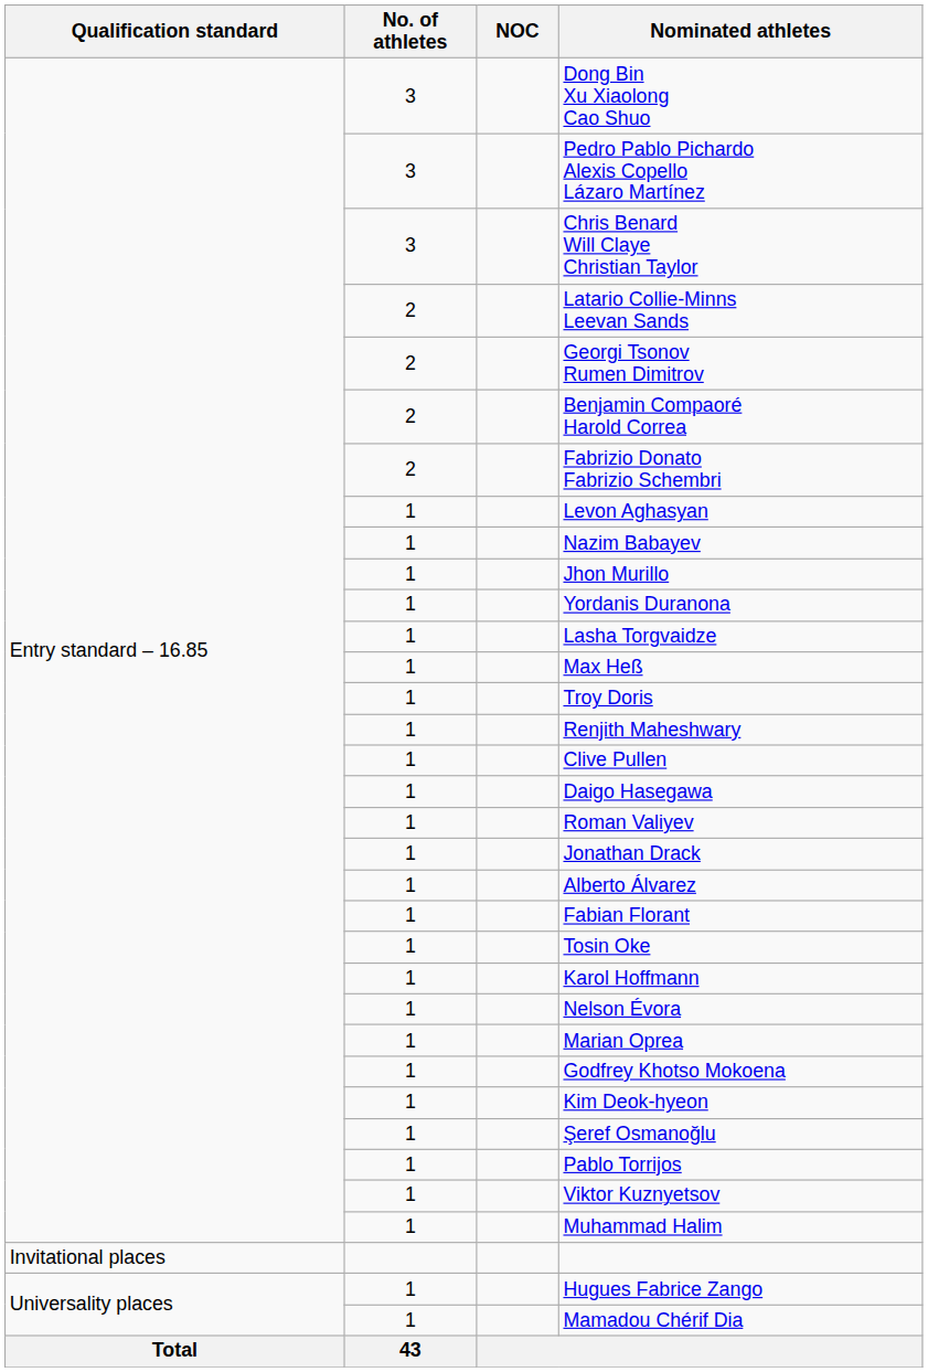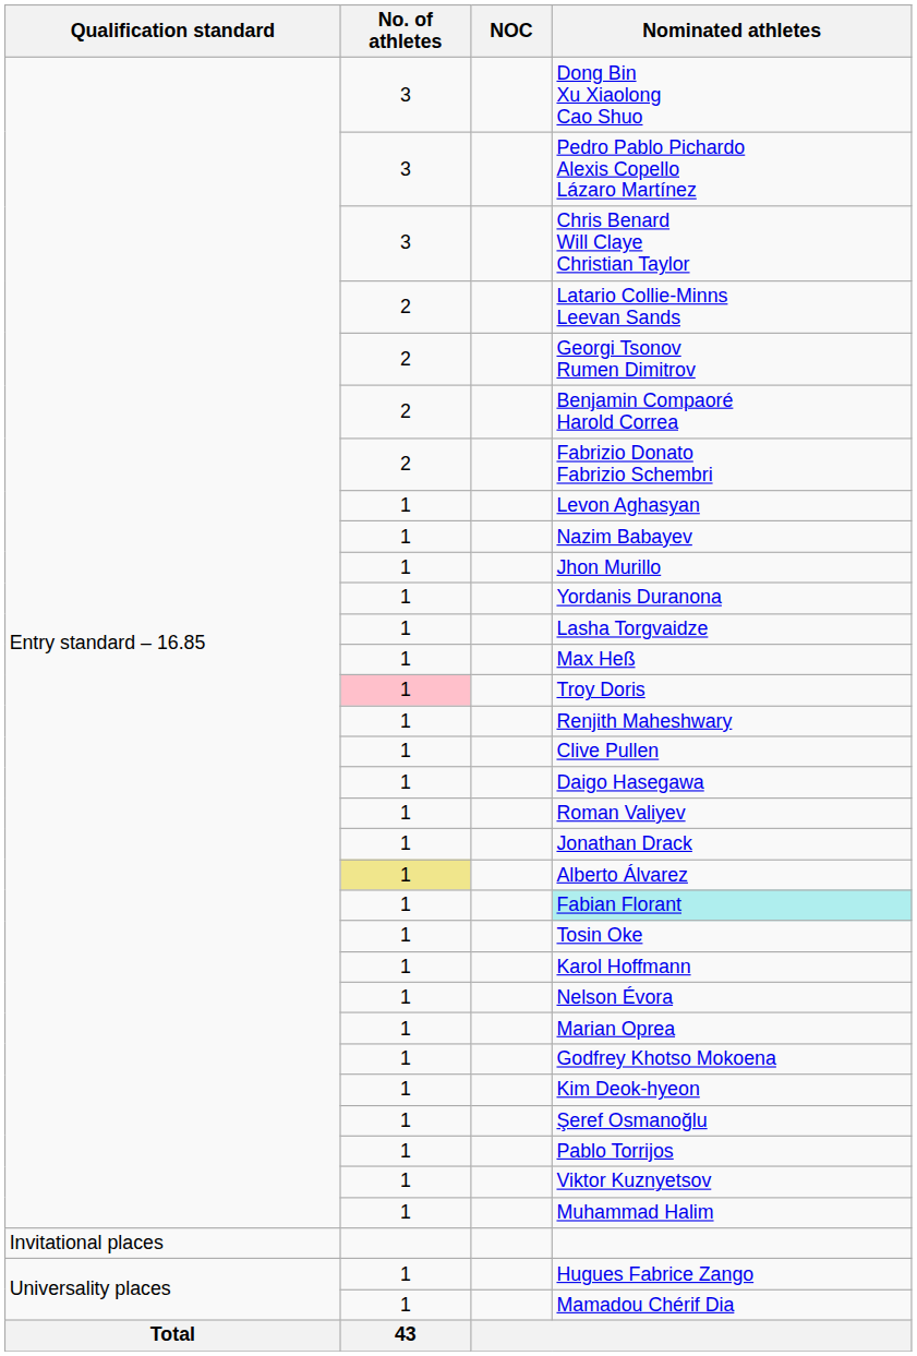 <table class="wikitable"  style="text-align:left; width:750px;">
 <tr>
 <th>Qualification standard</th>
 <th width=100>No. of athletes</th>
 <th>NOC</th>
 <th>Nominated athletes</th>
 </tr>
 <tr>
 <td rowspan=31>Entry standard – 16.85</td>
 <td style="text-align:center;">3</td>
 <td></td>
 <td><a href='#'>Dong Bin</a><br><a href='#'>Xu Xiaolong</a><br><a href='#'>Cao Shuo</a></td>
 </tr>
 <tr>
 <td style="text-align:center;">3</td>
 <td></td>
 <td><a href='#'>Pedro Pablo Pichardo</a><br><a href='#'>Alexis Copello</a><br><a href='#'>Lázaro Martínez</a></td>
 </tr>
 <tr>
 <td style="text-align:center;">3</td>
 <td></td>
 <td><a href='#'>Chris Benard</a><br><a href='#'>Will Claye</a><br><a href='#'>Christian Taylor</a></td>
 </tr>
 <tr>
 <td style="text-align:center;">2</td>
 <td></td>
 <td><a href='#'>Latario Collie-Minns</a><br><a href='#'>Leevan Sands</a></td>
 </tr>
 <tr>
 <td style="text-align:center;">2</td>
 <td></td>
 <td><a href='#'>Georgi Tsonov</a><br><a href='#'>Rumen Dimitrov</a></td>
 </tr>
 <tr>
 <td style="text-align:center;">2</td>
 <td></td>
 <td><a href='#'>Benjamin Compaoré</a><br><a href='#'>Harold Correa</a></td>
 </tr>
 <tr>
 <td style="text-align:center;">2</td>
 <td></td>
 <td><a href='#'>Fabrizio Donato</a><br><a href='#'>Fabrizio Schembri</a></td>
 </tr>
 <tr>
 <td style="text-align:center;">1</td>
 <td></td>
 <td><a href='#'>Levon Aghasyan</a></td>
 </tr>
 <tr>
 <td style="text-align:center;">1</td>
 <td></td>
 <td><a href='#'>Nazim Babayev</a></td>
 </tr>
 <tr>
 <td style="text-align:center;">1</td>
 <td></td>
 <td><a href='#'>Jhon Murillo</a></td>
 </tr>
 <tr>
 <td style="text-align:center;">1</td>
 <td></td>
 <td><a href='#'>Yordanis Duranona</a></td>
 </tr>
 <tr>
 <td style="text-align:center;">1</td>
 <td></td>
 <td><a href='#'>Lasha Torgvaidze</a></td>
 </tr>
 <tr>
 <td style="text-align:center;">1</td>
 <td></td>
 <td><a href='#'>Max Heß</a></td>
 </tr>
 <tr>
-<td style="text-align:center;">1</td>
+<td style="background: pink; text-align:center;">1</td>
 <td></td>
 <td><a href='#'>Troy Doris</a></td>
 </tr>
 <tr>
 <td style="text-align:center;">1</td>
 <td></td>
 <td><a href='#'>Renjith Maheshwary</a></td>
 </tr>
 <tr>
 <td style="text-align:center;">1</td>
 <td></td>
 <td><a href='#'>Clive Pullen</a></td>
 </tr>
 <tr>
 <td style="text-align:center;">1</td>
 <td></td>
 <td><a href='#'>Daigo Hasegawa</a></td>
 </tr>
 <tr>
 <td style="text-align:center;">1</td>
 <td></td>
 <td><a href='#'>Roman Valiyev</a></td>
 </tr>
 <tr>
 <td style="text-align:center;">1</td>
 <td></td>
 <td><a href='#'>Jonathan Drack</a></td>
 </tr>
 <tr>
-<td style="text-align:center;">1</td>
+<td style="background: khaki; text-align:center;">1</td>
 <td></td>
 <td><a href='#'>Alberto Álvarez</a></td>
 </tr>
 <tr>
 <td style="text-align:center;">1</td>
 <td></td>
-<td><a href='#'>Fabian Florant</a></td>
+<td style="background: paleturquoise;"><a href='#'>Fabian Florant</a></td>
 </tr>
 <tr>
 <td style="text-align:center;">1</td>
 <td></td>
 <td><a href='#'>Tosin Oke</a></td>
 </tr>
 <tr>
 <td style="text-align:center;">1</td>
 <td></td>
 <td><a href='#'>Karol Hoffmann</a></td>
 </tr>
 <tr>
 <td style="text-align:center;">1</td>
 <td></td>
 <td><a href='#'>Nelson Évora</a></td>
 </tr>
 <tr>
 <td style="text-align:center;">1</td>
 <td></td>
 <td><a href='#'>Marian Oprea</a></td>
 </tr>
 <tr>
 <td style="text-align:center;">1</td>
 <td></td>
 <td><a href='#'>Godfrey Khotso Mokoena</a></td>
 </tr>
 <tr>
 <td style="text-align:center;">1</td>
 <td></td>
 <td><a href='#'>Kim Deok-hyeon</a></td>
 </tr>
 <tr>
 <td style="text-align:center;">1</td>
 <td></td>
 <td><a href='#'>Şeref Osmanoğlu</a></td>
 </tr>
 <tr>
 <td style="text-align:center;">1</td>
 <td></td>
 <td><a href='#'>Pablo Torrijos</a></td>
 </tr>
 <tr>
 <td style="text-align:center;">1</td>
 <td></td>
 <td><a href='#'>Viktor Kuznyetsov</a></td>
 </tr>
 <tr>
 <td style="text-align:center;">1</td>
 <td></td>
 <td><a href='#'>Muhammad Halim</a></td>
 </tr>
 <tr>
 <td>Invitational places</td>
 <td></td>
 <td></td>
 <td></td>
 </tr>
 <tr>
 <td rowspan=2>Universality places</td>
 <td style="text-align:center;">1</td>
 <td></td>
 <td><a href='#'>Hugues Fabrice Zango</a></td>
 </tr>
 <tr>
 <td style="text-align:center;">1</td>
 <td></td>
 <td><a href='#'>Mamadou Chérif Dia</a></td>
 </tr>
 <tr>
 <th>Total</th>
 <th>43</th>
 <th colspan=2></th>
 </tr>
 </table>
